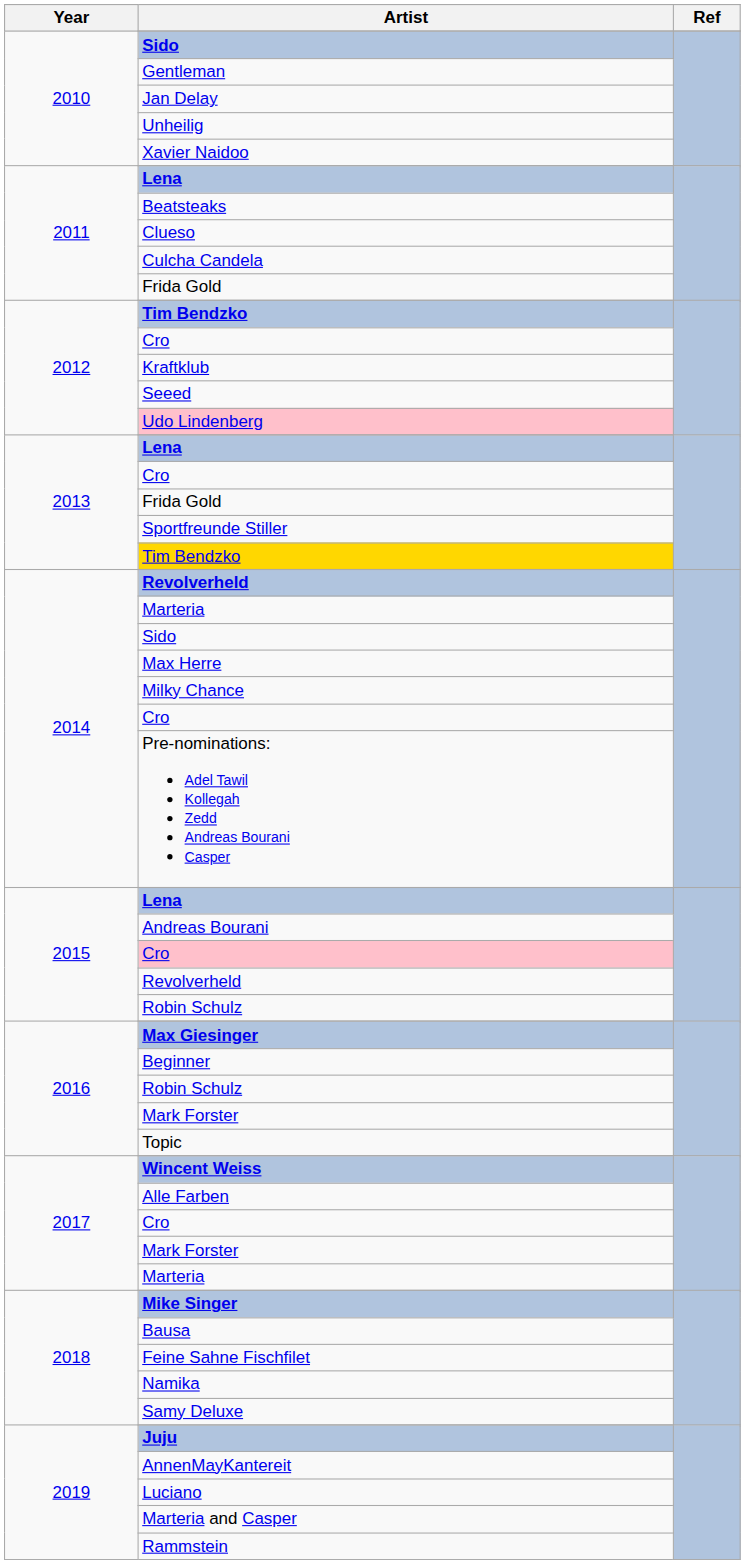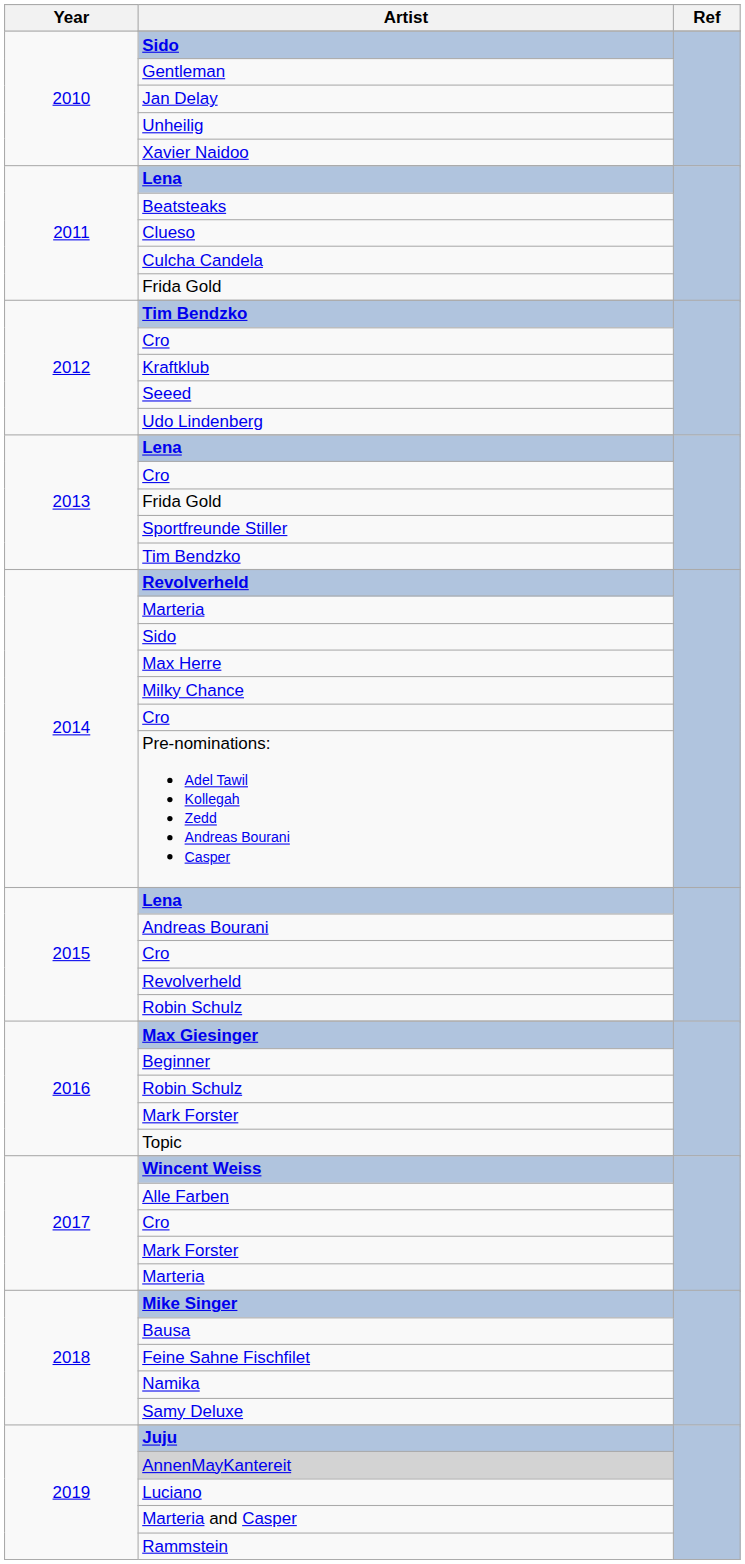 <table class="wikitable" style="width:55%;">
 <tr style="background:#bebebe;">
 <th style="width:10%;">Year</th>
 <th style="width:40%;">Artist</th>
 <th style="width:5%;">Ref</th>
 </tr>
 <tr>
 <td rowspan="6" align="center"><a href='#'>2010</a></td>
 </tr>
 <tr style="background:#B0C4DE">
 <td><strong><a href='#'>Sido</a></strong></td>
 <td rowspan="6" align="center"></td>
 </tr>
 <tr>
 <td><a href='#'>Gentleman</a></td>
 </tr>
 <tr>
 <td><a href='#'>Jan Delay</a></td>
 </tr>
 <tr>
 <td><a href='#'>Unheilig</a></td>
 </tr>
 <tr>
 <td><a href='#'>Xavier Naidoo</a></td>
 </tr>
 <tr>
 <td rowspan="6" align="center"><a href='#'>2011</a></td>
 </tr>
 <tr style="background:#B0C4DE">
 <td><strong><a href='#'>Lena</a></strong></td>
 <td rowspan="6" align="center"></td>
 </tr>
 <tr>
 <td><a href='#'>Beatsteaks</a></td>
 </tr>
 <tr>
 <td><a href='#'>Clueso</a></td>
 </tr>
 <tr>
 <td><a href='#'>Culcha Candela</a></td>
 </tr>
 <tr>
 <td>Frida Gold</td>
 </tr>
 <tr>
 <td rowspan="6" align="center"><a href='#'>2012</a></td>
 </tr>
 <tr style="background:#B0C4DE">
 <td><strong><a href='#'>Tim Bendzko</a></strong></td>
 <td rowspan="6" align="center"></td>
 </tr>
 <tr>
 <td><a href='#'>Cro</a></td>
 </tr>
 <tr>
 <td><a href='#'>Kraftklub</a></td>
 </tr>
 <tr>
 <td><a href='#'>Seeed</a></td>
 </tr>
 <tr>
-<td style="background: pink;"><a href='#'>Udo Lindenberg</a></td>
+<td><a href='#'>Udo Lindenberg</a></td>
 </tr>
 <tr>
 <td rowspan="6" align="center"><a href='#'>2013</a></td>
 </tr>
 <tr style="background:#B0C4DE">
 <td><strong><a href='#'>Lena</a></strong></td>
 <td rowspan="6" align="center"></td>
 </tr>
 <tr>
 <td><a href='#'>Cro</a></td>
 </tr>
 <tr>
 <td>Frida Gold</td>
 </tr>
 <tr>
 <td><a href='#'>Sportfreunde Stiller</a></td>
 </tr>
 <tr>
-<td style="background: gold;"><a href='#'>Tim Bendzko</a></td>
+<td><a href='#'>Tim Bendzko</a></td>
 </tr>
 <tr>
 <td rowspan="8" align="center"><a href='#'>2014</a></td>
 </tr>
 <tr style="background:#B0C4DE">
 <td><strong><a href='#'>Revolverheld</a></strong></td>
 <td rowspan="8" align="center"></td>
 </tr>
 <tr>
 <td><a href='#'>Marteria</a></td>
 </tr>
 <tr>
 <td><a href='#'>Sido</a></td>
 </tr>
 <tr>
 <td><a href='#'>Max Herre</a></td>
 </tr>
 <tr>
 <td><a href='#'>Milky Chance</a></td>
 </tr>
 <tr>
 <td><a href='#'>Cro</a></td>
 </tr>
 <tr>
 <td>Pre-nominations:<br><ul><li><small><a href='#'>Adel Tawil</a></small></li><li><small><a href='#'>Kollegah</a></small></li><li><small><a href='#'>Zedd</a></small></li><li><small><a href='#'>Andreas Bourani</a></small></li><li><small><a href='#'>Casper</a></small></li></ul></td>
 </tr>
 <tr>
 <td rowspan="6" align="center"><a href='#'>2015</a></td>
 </tr>
 <tr style="background:#B0C4DE">
 <td><strong><a href='#'>Lena</a></strong></td>
 <td rowspan="6" align="center"></td>
 </tr>
 <tr>
 <td><a href='#'>Andreas Bourani</a></td>
 </tr>
 <tr>
-<td style="background: pink;"><a href='#'>Cro</a></td>
+<td><a href='#'>Cro</a></td>
 </tr>
 <tr>
 <td><a href='#'>Revolverheld</a></td>
 </tr>
 <tr>
 <td><a href='#'>Robin Schulz</a></td>
 </tr>
 <tr>
 <td rowspan="6" align="center"><a href='#'>2016</a></td>
 </tr>
 <tr style="background:#B0C4DE">
 <td><strong><a href='#'>Max Giesinger</a></strong></td>
 <td rowspan="6" align="center"></td>
 </tr>
 <tr>
 <td><a href='#'>Beginner</a></td>
 </tr>
 <tr>
 <td><a href='#'>Robin Schulz</a></td>
 </tr>
 <tr>
 <td><a href='#'>Mark Forster</a></td>
 </tr>
 <tr>
 <td>Topic</td>
 </tr>
 <tr>
 <td rowspan="6" align="center"><a href='#'>2017</a></td>
 </tr>
 <tr style="background:#B0C4DE">
 <td><strong><a href='#'>Wincent Weiss</a></strong></td>
 <td rowspan="6" align="center"></td>
 </tr>
 <tr>
 <td><a href='#'>Alle Farben</a></td>
 </tr>
 <tr>
 <td><a href='#'>Cro</a></td>
 </tr>
 <tr>
 <td><a href='#'>Mark Forster</a></td>
 </tr>
 <tr>
 <td><a href='#'>Marteria</a></td>
 </tr>
 <tr>
 <td rowspan="6" align="center"><a href='#'>2018</a></td>
 </tr>
 <tr style="background:#B0C4DE">
 <td><strong><a href='#'>Mike Singer</a></strong></td>
 <td rowspan="6" align="center"></td>
 </tr>
 <tr>
 <td><a href='#'>Bausa</a></td>
 </tr>
 <tr>
 <td><a href='#'>Feine Sahne Fischfilet</a></td>
 </tr>
 <tr>
 <td><a href='#'>Namika</a></td>
 </tr>
 <tr>
 <td><a href='#'>Samy Deluxe</a></td>
 </tr>
 <tr>
 <td rowspan="6" align="center"><a href='#'>2019</a></td>
 </tr>
 <tr style="background:#B0C4DE">
 <td><strong><a href='#'>Juju</a></strong></td>
 <td rowspan="6" align="center"></td>
 </tr>
 <tr>
-<td><a href='#'>AnnenMayKantereit</a></td>
+<td style="background: lightgrey;"><a href='#'>AnnenMayKantereit</a></td>
 </tr>
 <tr>
 <td><a href='#'>Luciano</a></td>
 </tr>
 <tr>
 <td><a href='#'>Marteria</a> and <a href='#'>Casper</a></td>
 </tr>
 <tr>
 <td><a href='#'>Rammstein</a></td>
 </tr>
 </table>
